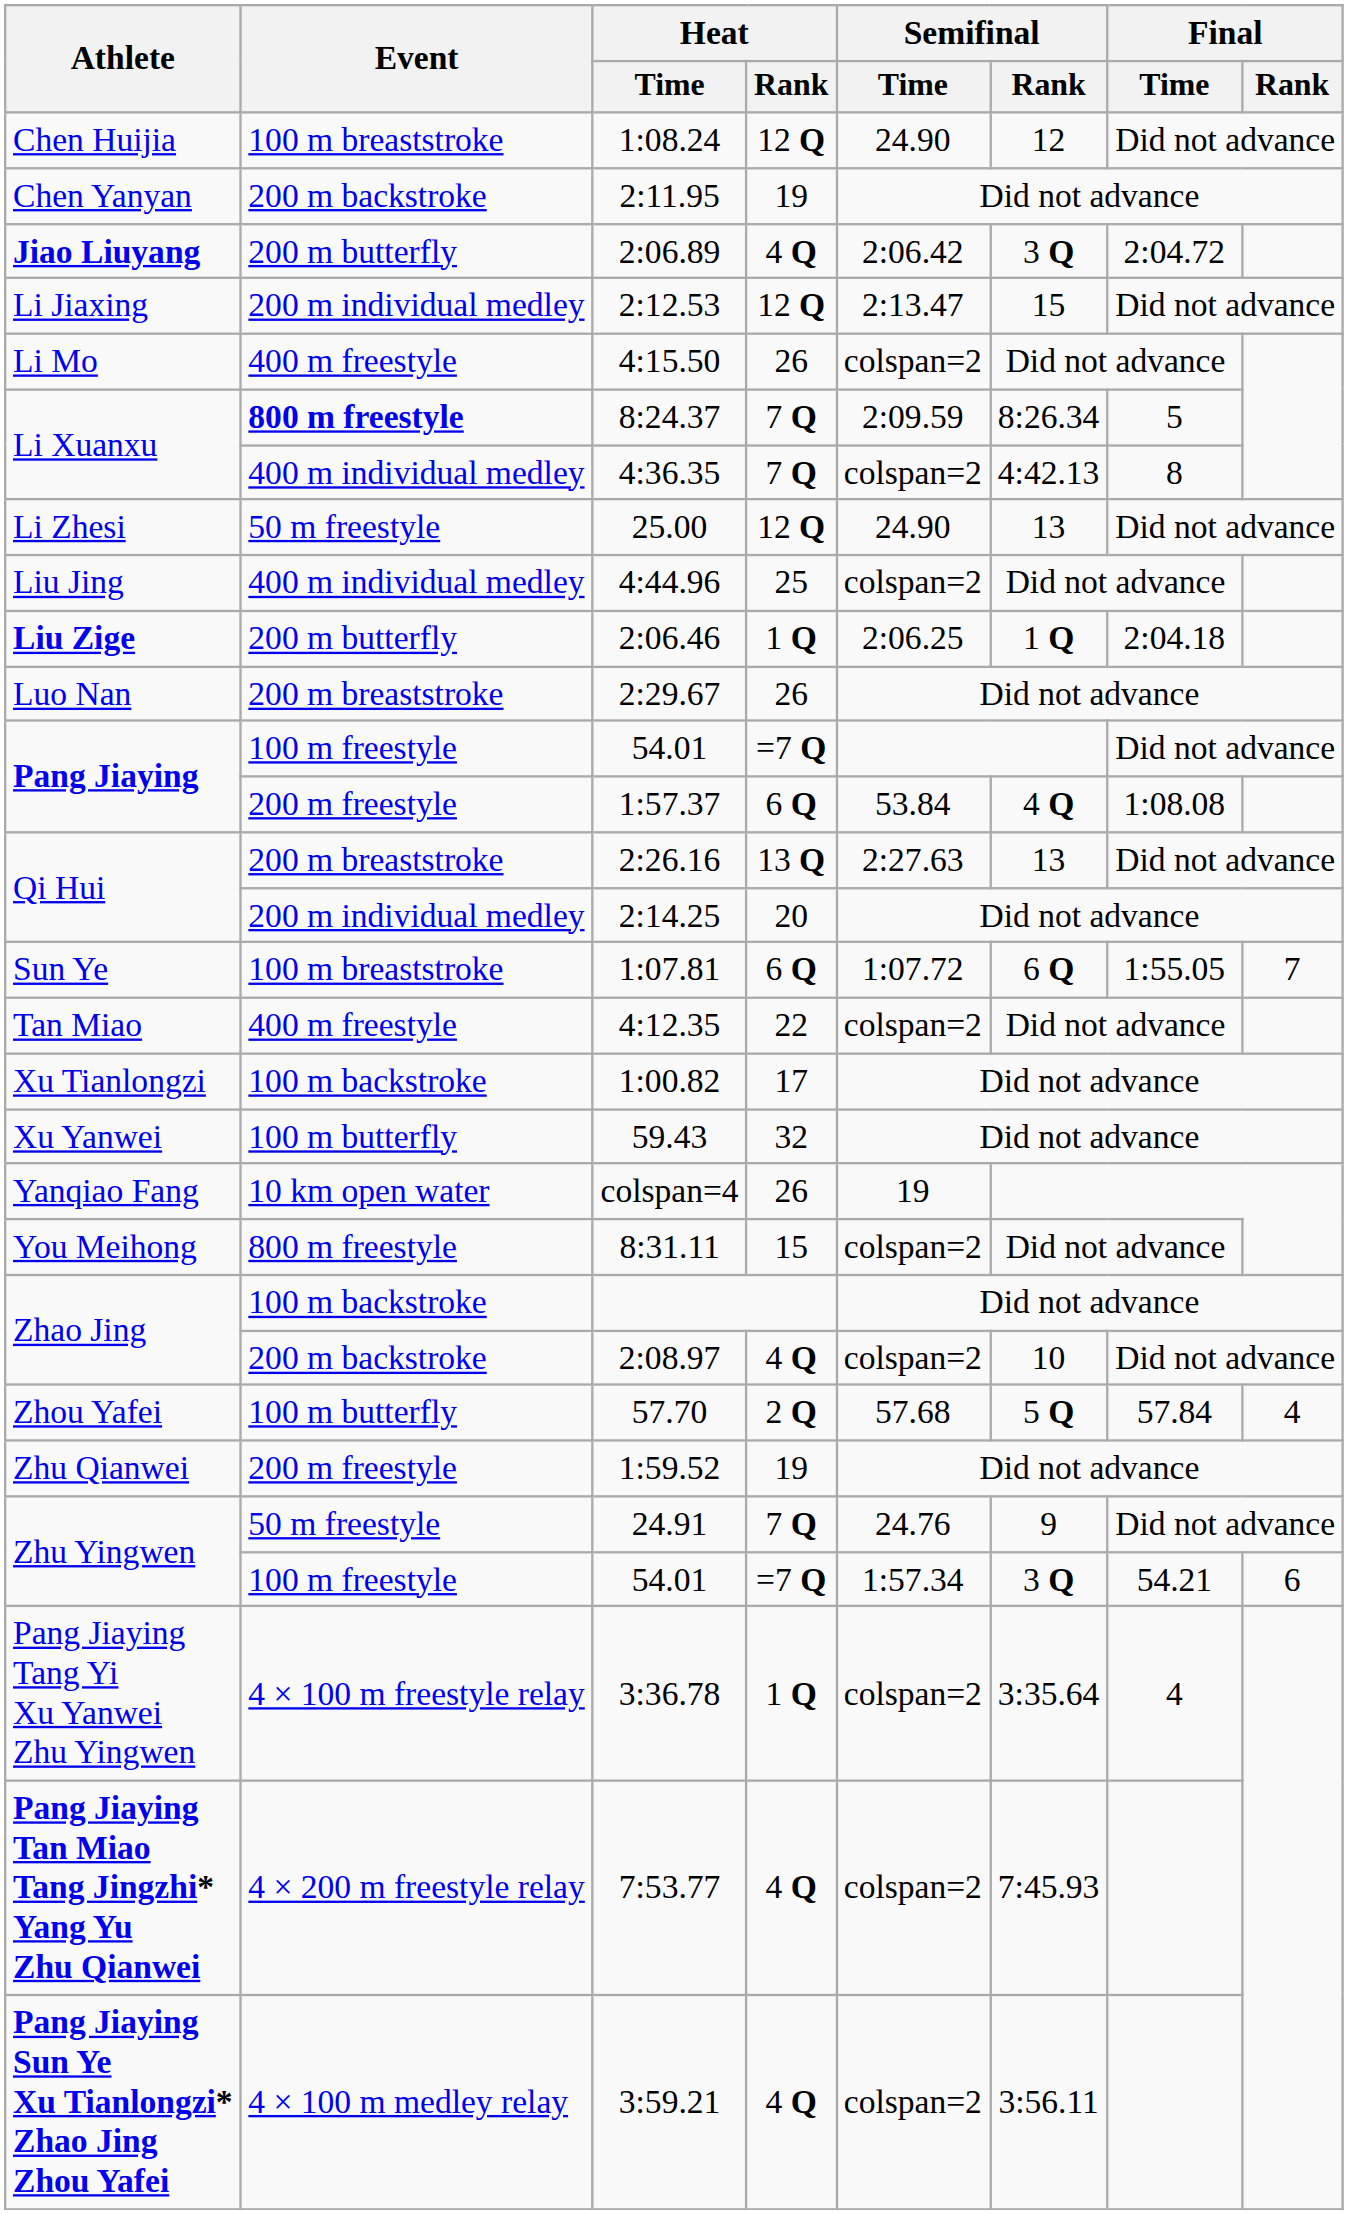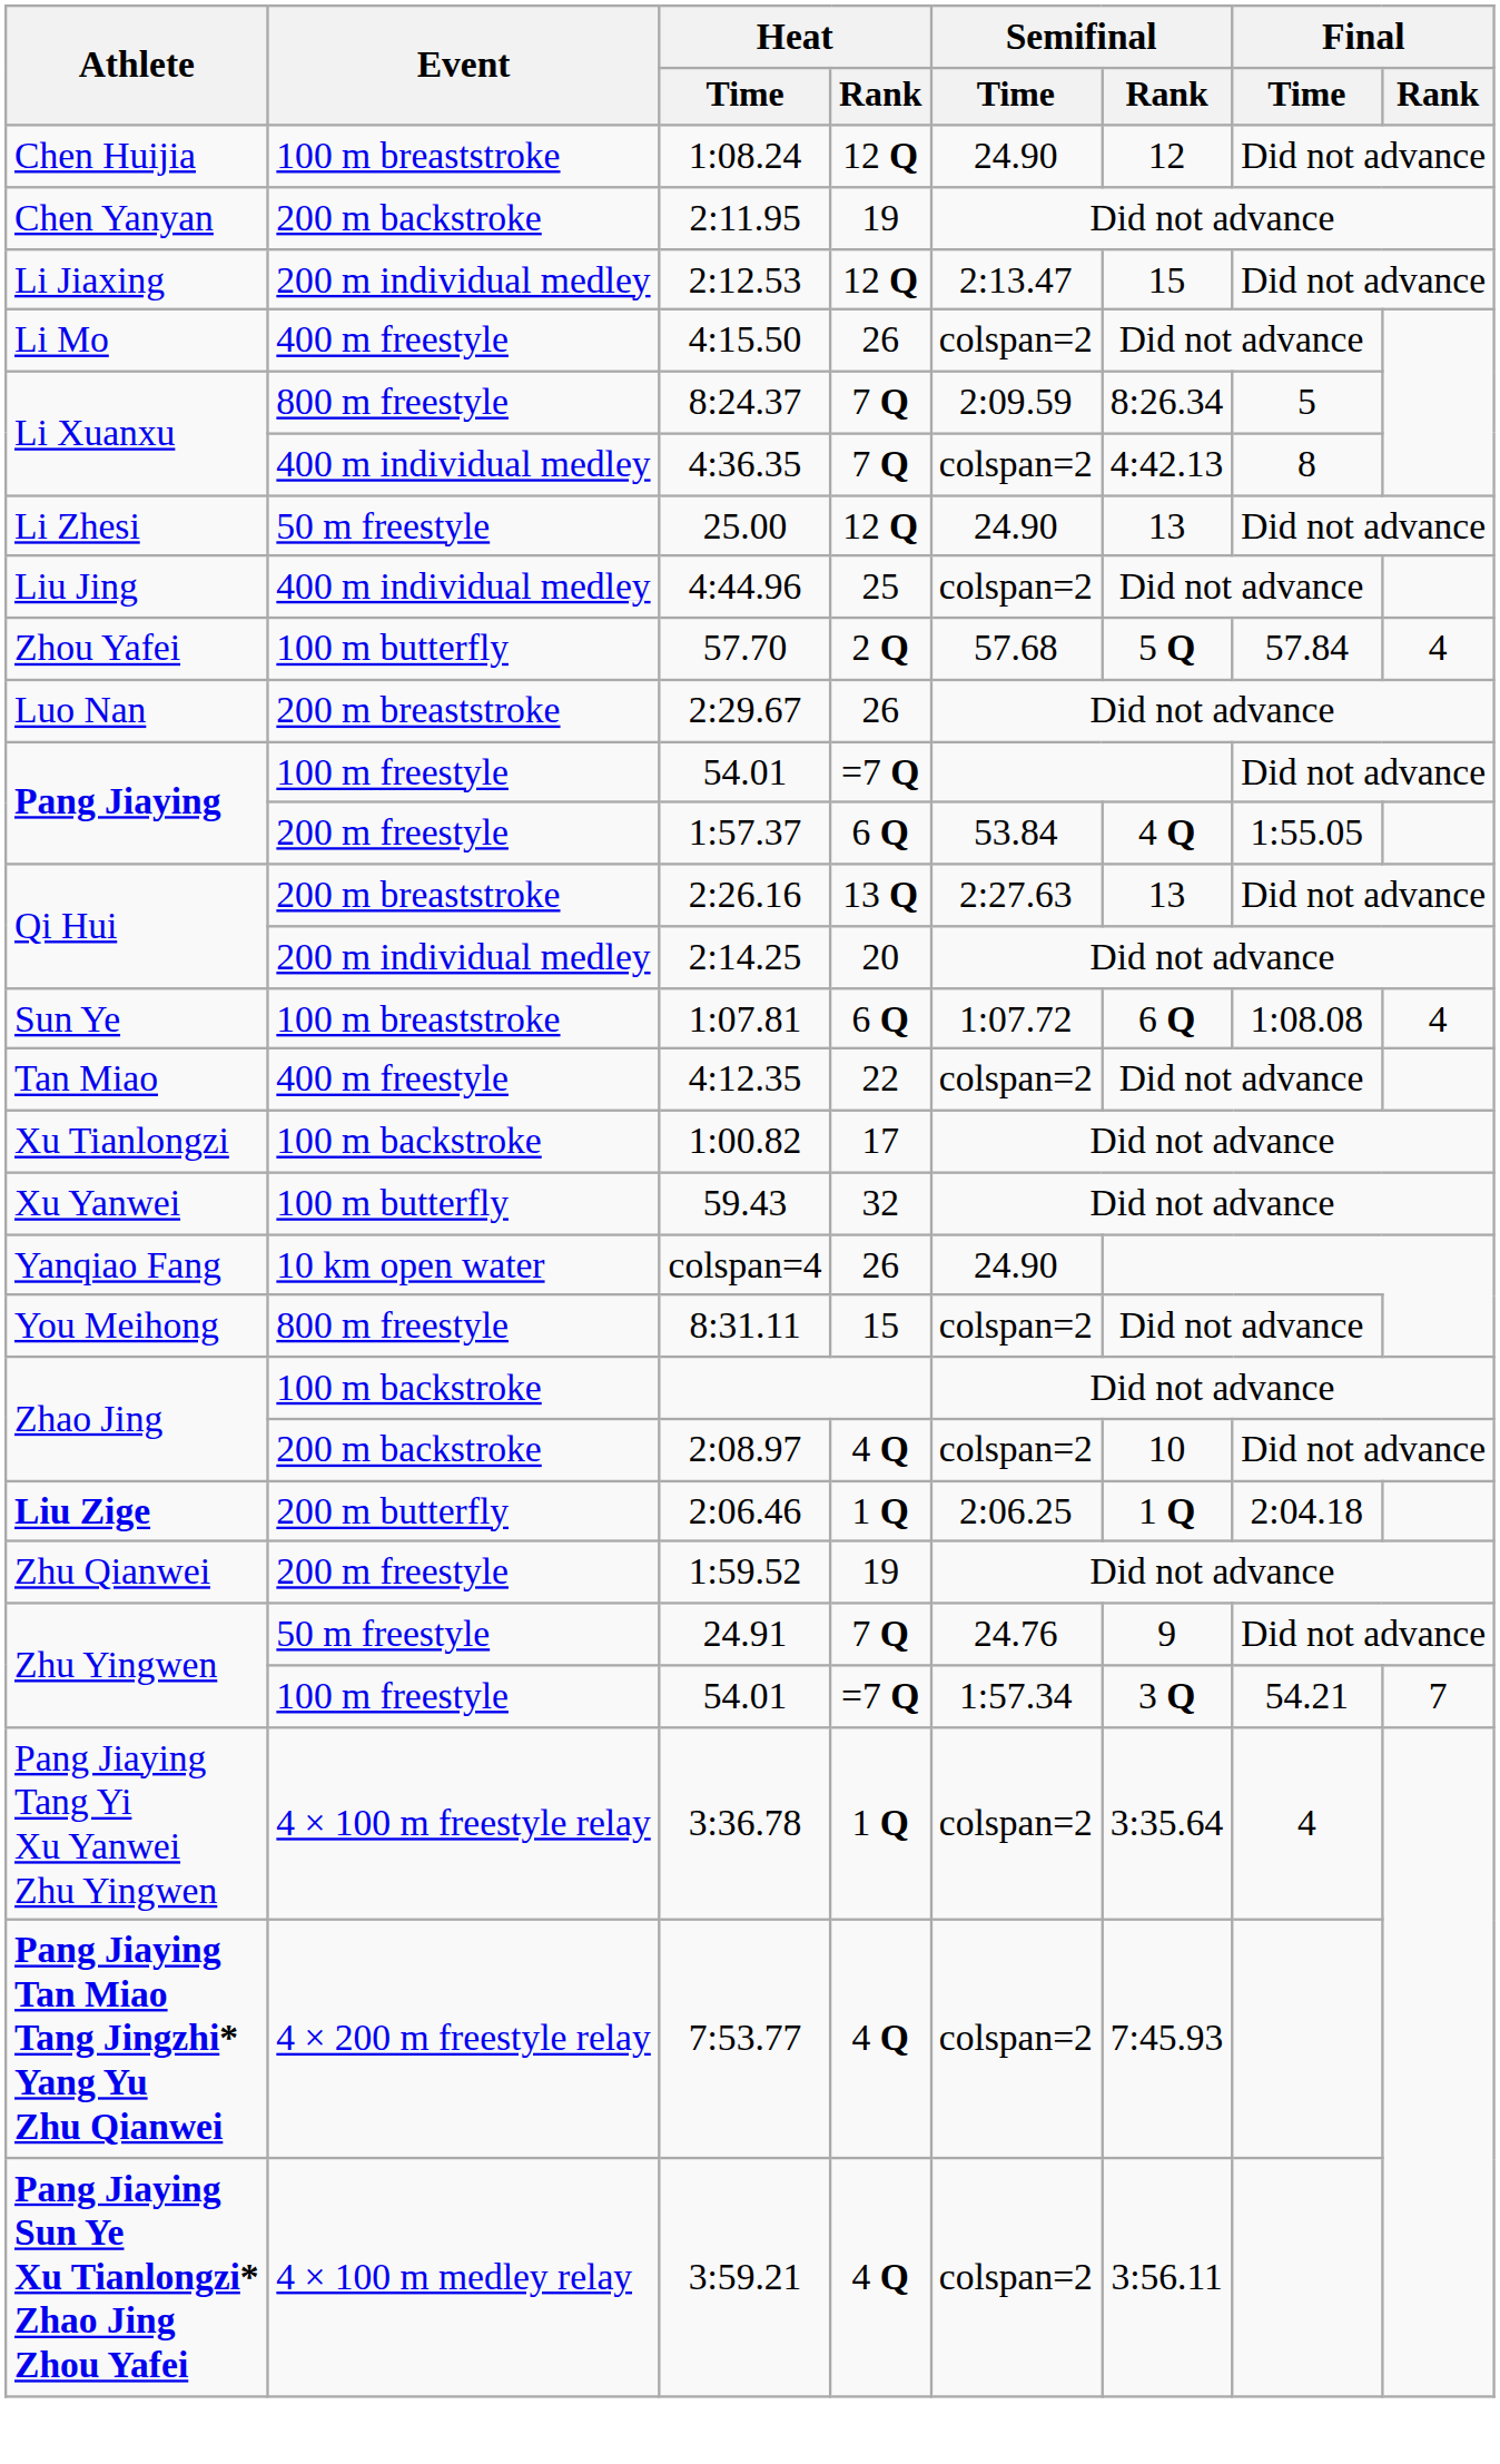 <table class=wikitable style="font-size:90%">
 <tr>
 <th rowspan="2">Athlete</th>
 <th rowspan="2">Event</th>
 <th colspan="2">Heat</th>
 <th colspan="2">Semifinal</th>
 <th colspan="2">Final</th>
 </tr>
 <tr style="font-size:95%">
 <th>Time</th>
 <th>Rank</th>
 <th>Time</th>
 <th>Rank</th>
 <th>Time</th>
 <th>Rank</th>
 </tr>
 <tr align=center>
 <td align=left><a href='#'>Chen Huijia</a></td>
 <td align=left><a href='#'>100 m breaststroke</a></td>
 <td>1:08.24</td>
 <td>12 <strong>Q</strong></td>
 <td>24.90</td>
 <td>12</td>
 <td colspan=2>Did not advance</td>
 </tr>
 <tr align=center>
 <td align=left><a href='#'>Chen Yanyan</a></td>
 <td align=left><a href='#'>200 m backstroke</a></td>
 <td>2:11.95</td>
 <td>19</td>
 <td colspan=4>Did not advance</td>
 </tr>
 <tr align=center>
-<td align=left><strong><a href='#'>Jiao Liuyang</a></strong></td>
-<td align=left><a href='#'>200 m butterfly</a></td>
-<td>2:06.89</td>
-<td>4 <strong>Q</strong></td>
-<td>2:06.42</td>
-<td>3 <strong>Q</strong></td>
-<td>2:04.72</td>
-<td></td>
-</tr>
-<tr align=center>
 <td align=left><a href='#'>Li Jiaxing</a></td>
 <td align=left><a href='#'>200 m individual medley</a></td>
 <td>2:12.53</td>
 <td>12 <strong>Q</strong></td>
 <td>2:13.47</td>
 <td>15</td>
 <td colspan=2>Did not advance</td>
 </tr>
 <tr align=center>
 <td align=left><a href='#'>Li Mo</a></td>
 <td align=left><a href='#'>400 m freestyle</a></td>
 <td>4:15.50</td>
 <td>26</td>
 <td>colspan=2 </td>
 <td colspan=2>Did not advance</td>
 </tr>
 <tr align=center>
 <td align=left rowspan=2><a href='#'>Li Xuanxu</a></td>
-<td align=left><strong><a href='#'>800 m freestyle</a></strong></td>
+<td align=left><a href='#'>800 m freestyle</a></td>
 <td>8:24.37</td>
 <td>7 <strong>Q</strong></td>
 <td>2:09.59</td>
 <td>8:26.34</td>
 <td>5</td>
 </tr>
 <tr align=center>
 <td align=left><a href='#'>400 m individual medley</a></td>
 <td>4:36.35</td>
 <td>7 <strong>Q</strong></td>
 <td>colspan=2 </td>
 <td>4:42.13</td>
 <td>8</td>
 </tr>
 <tr align=center>
 <td align=left><a href='#'>Li Zhesi</a></td>
 <td align=left><a href='#'>50 m freestyle</a></td>
 <td>25.00</td>
 <td>12 <strong>Q</strong></td>
 <td>24.90</td>
 <td>13</td>
 <td colspan=2>Did not advance</td>
 </tr>
 <tr align=center>
 <td align=left><a href='#'>Liu Jing</a></td>
 <td align=left><a href='#'>400 m individual medley</a></td>
 <td>4:44.96</td>
 <td>25</td>
 <td>colspan=2 </td>
 <td colspan=2>Did not advance</td>
 </tr>
 <tr align=center>
-<td align=left><strong><a href='#'>Liu Zige</a></strong></td>
-<td align=left><a href='#'>200 m butterfly</a></td>
-<td>2:06.46</td>
-<td>1 <strong>Q</strong></td>
-<td>2:06.25</td>
-<td>1 <strong>Q</strong></td>
-<td>2:04.18 </td>
-<td></td>
+<td align=left><a href='#'>Zhou Yafei</a></td>
+<td align=left><a href='#'>100 m butterfly</a></td>
+<td>57.70</td>
+<td>2 <strong>Q</strong></td>
+<td>57.68</td>
+<td>5 <strong>Q</strong></td>
+<td>57.84</td>
+<td>4</td>
 </tr>
 <tr align=center>
 <td align=left><a href='#'>Luo Nan</a></td>
 <td align=left><a href='#'>200 m breaststroke</a></td>
 <td>2:29.67</td>
 <td>26</td>
 <td colspan=4>Did not advance</td>
 </tr>
 <tr align=center>
 <td align=left rowspan=2><strong><a href='#'>Pang Jiaying</a></strong></td>
 <td align=left><a href='#'>100 m freestyle</a></td>
 <td>54.01</td>
 <td>=7 <strong>Q</strong></td>
 <td colspan=2></td>
 <td colspan=2>Did not advance</td>
 </tr>
 <tr align=center>
 <td align=left><a href='#'>200 m freestyle</a></td>
 <td>1:57.37 </td>
 <td>6 <strong>Q</strong></td>
 <td>53.84</td>
 <td>4 <strong>Q</strong></td>
-<td>1:08.08</td>
+<td>1:55.05</td>
 <td></td>
 </tr>
 <tr align=center>
 <td align=left rowspan=2><a href='#'>Qi Hui</a></td>
 <td align=left><a href='#'>200 m breaststroke</a></td>
 <td>2:26.16</td>
 <td>13 <strong>Q</strong></td>
 <td>2:27.63</td>
 <td>13</td>
 <td colspan=2>Did not advance</td>
 </tr>
 <tr align=center>
 <td align=left><a href='#'>200 m individual medley</a></td>
 <td>2:14.25</td>
 <td>20</td>
 <td colspan=4>Did not advance</td>
 </tr>
 <tr align=center>
 <td align=left><a href='#'>Sun Ye</a></td>
 <td align=left><a href='#'>100 m breaststroke</a></td>
 <td>1:07.81</td>
 <td>6 <strong>Q</strong></td>
 <td>1:07.72</td>
 <td>6 <strong>Q</strong></td>
-<td>1:55.05</td>
-<td>7</td>
+<td>1:08.08</td>
+<td>4</td>
 </tr>
 <tr align=center>
 <td align=left><a href='#'>Tan Miao</a></td>
 <td align=left><a href='#'>400 m freestyle</a></td>
 <td>4:12.35</td>
 <td>22</td>
 <td>colspan=2 </td>
 <td colspan=2>Did not advance</td>
 </tr>
 <tr align=center>
 <td align=left><a href='#'>Xu Tianlongzi</a></td>
 <td align=left><a href='#'>100 m backstroke</a></td>
 <td>1:00.82</td>
 <td>17</td>
 <td colspan=4>Did not advance</td>
 </tr>
 <tr align=center>
 <td align=left><a href='#'>Xu Yanwei</a></td>
 <td align=left><a href='#'>100 m butterfly</a></td>
 <td>59.43</td>
 <td>32</td>
 <td colspan=4>Did not advance</td>
 </tr>
 <tr align=center>
 <td align=left><a href='#'>Yanqiao Fang</a></td>
 <td align=left><a href='#'>10 km open water</a></td>
 <td>colspan=4 </td>
 <td>26</td>
-<td>19</td>
+<td>24.90</td>
 </tr>
 <tr align=center>
 <td align=left><a href='#'>You Meihong</a></td>
 <td align=left><a href='#'>800 m freestyle</a></td>
 <td>8:31.11</td>
 <td>15</td>
 <td>colspan=2 </td>
 <td colspan=2>Did not advance</td>
 </tr>
 <tr align=center>
 <td align=left rowspan=2><a href='#'>Zhao Jing</a></td>
 <td align=left><a href='#'>100 m backstroke</a></td>
 <td colspan=2></td>
 <td colspan=4>Did not advance</td>
 </tr>
 <tr align=center>
 <td align=left><a href='#'>200 m backstroke</a></td>
 <td>2:08.97</td>
 <td>4 <strong>Q</strong></td>
 <td>colspan=2 </td>
 <td>10</td>
 <td colspan=2>Did not advance</td>
 </tr>
 <tr align=center>
-<td align=left><a href='#'>Zhou Yafei</a></td>
-<td align=left><a href='#'>100 m butterfly</a></td>
-<td>57.70</td>
-<td>2 <strong>Q</strong></td>
-<td>57.68</td>
-<td>5 <strong>Q</strong></td>
-<td>57.84</td>
-<td>4</td>
+<td align=left><strong><a href='#'>Liu Zige</a></strong></td>
+<td align=left><a href='#'>200 m butterfly</a></td>
+<td>2:06.46</td>
+<td>1 <strong>Q</strong></td>
+<td>2:06.25</td>
+<td>1 <strong>Q</strong></td>
+<td>2:04.18 </td>
+<td></td>
 </tr>
 <tr align=center>
 <td align=left><a href='#'>Zhu Qianwei</a></td>
 <td align=left><a href='#'>200 m freestyle</a></td>
 <td>1:59.52</td>
 <td>19</td>
 <td colspan=4>Did not advance</td>
 </tr>
 <tr align=center>
 <td align=left rowspan=2><a href='#'>Zhu Yingwen</a></td>
 <td align=left><a href='#'>50 m freestyle</a></td>
 <td>24.91</td>
 <td>7 <strong>Q</strong></td>
 <td>24.76</td>
 <td>9</td>
 <td colspan=2>Did not advance</td>
 </tr>
 <tr align=center>
 <td align=left><a href='#'>100 m freestyle</a></td>
 <td>54.01</td>
 <td>=7 <strong>Q</strong></td>
 <td>1:57.34</td>
 <td>3 <strong>Q</strong></td>
 <td>54.21</td>
-<td>6</td>
+<td>7</td>
 </tr>
 <tr align=center>
 <td align=left><a href='#'>Pang Jiaying</a><br><a href='#'>Tang Yi</a><br><a href='#'>Xu Yanwei</a><br><a href='#'>Zhu Yingwen</a></td>
 <td align=left><a href='#'>4 × 100 m freestyle relay</a></td>
 <td>3:36.78</td>
 <td>1 <strong>Q</strong></td>
 <td>colspan=2 </td>
 <td>3:35.64</td>
 <td>4</td>
 </tr>
 <tr align=center>
 <td align=left><strong><a href='#'>Pang Jiaying</a><br><a href='#'>Tan Miao</a><br><a href='#'>Tang Jingzhi</a>*<br><a href='#'>Yang Yu</a><br><a href='#'>Zhu Qianwei</a></strong></td>
 <td align=left><a href='#'>4 × 200 m freestyle relay</a></td>
 <td>7:53.77</td>
 <td>4 <strong>Q</strong></td>
 <td>colspan=2 </td>
 <td>7:45.93</td>
 <td></td>
 </tr>
 <tr align=center>
 <td align=left><strong><a href='#'>Pang Jiaying</a><br><a href='#'>Sun Ye</a><br><a href='#'>Xu Tianlongzi</a>*<br><a href='#'>Zhao Jing</a><br><a href='#'>Zhou Yafei</a></strong></td>
 <td align=left><a href='#'>4 × 100 m medley relay</a></td>
 <td>3:59.21</td>
 <td>4 <strong>Q</strong></td>
 <td>colspan=2 </td>
 <td>3:56.11</td>
 <td></td>
 </tr>
 </table>
